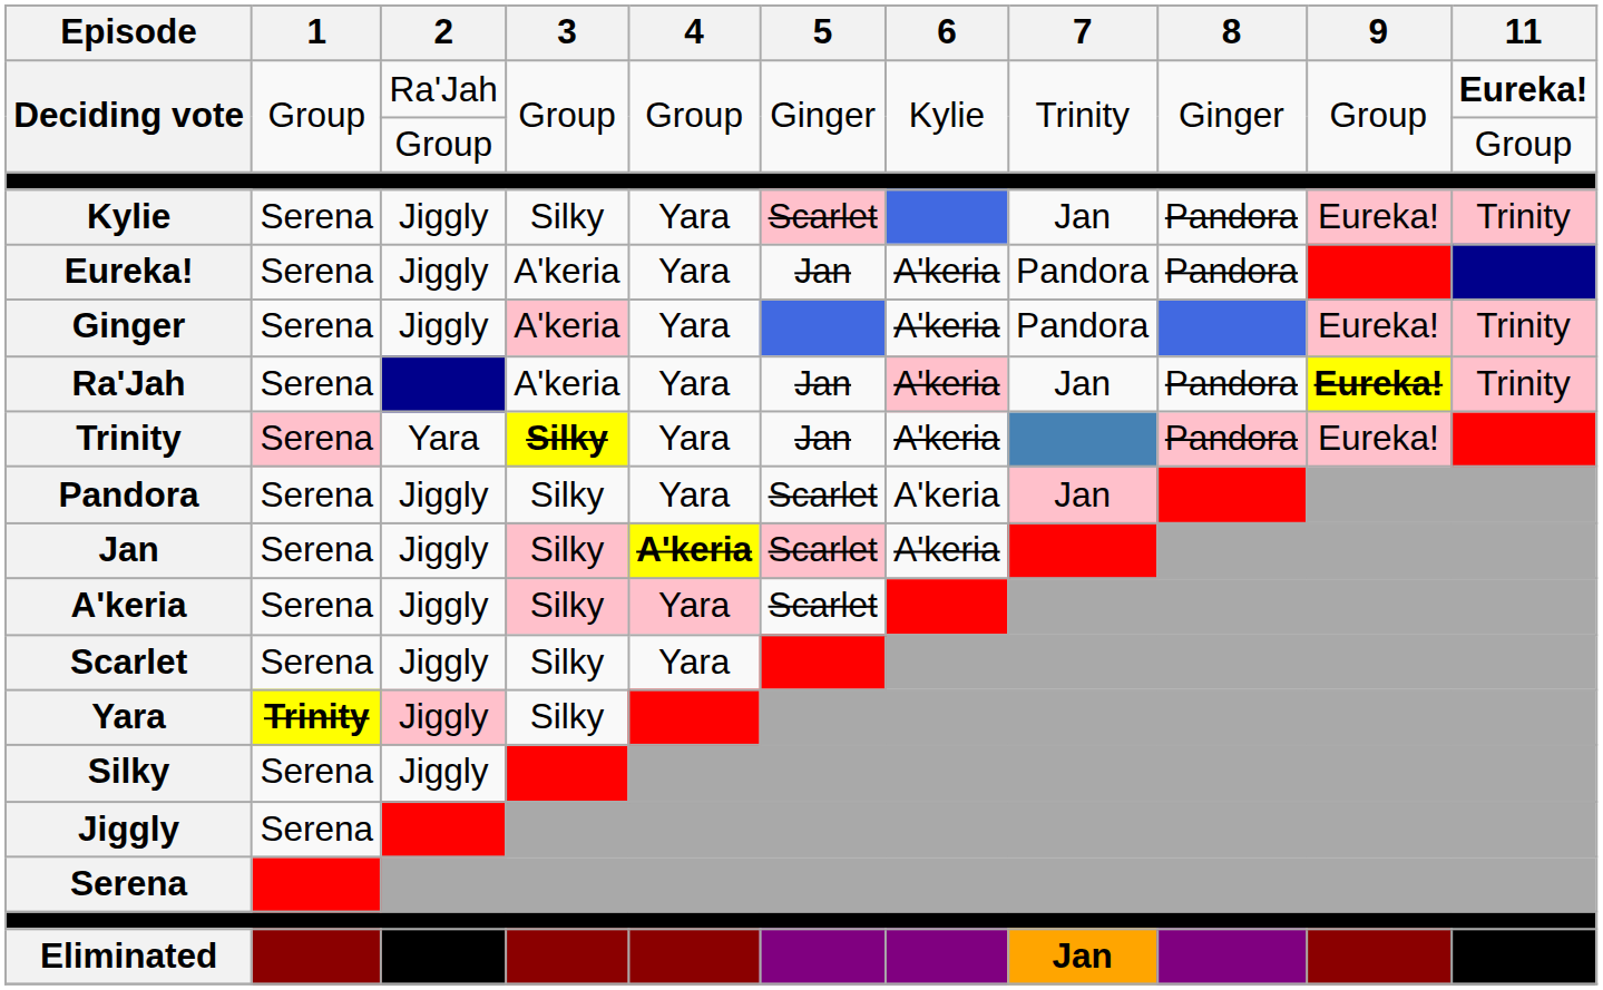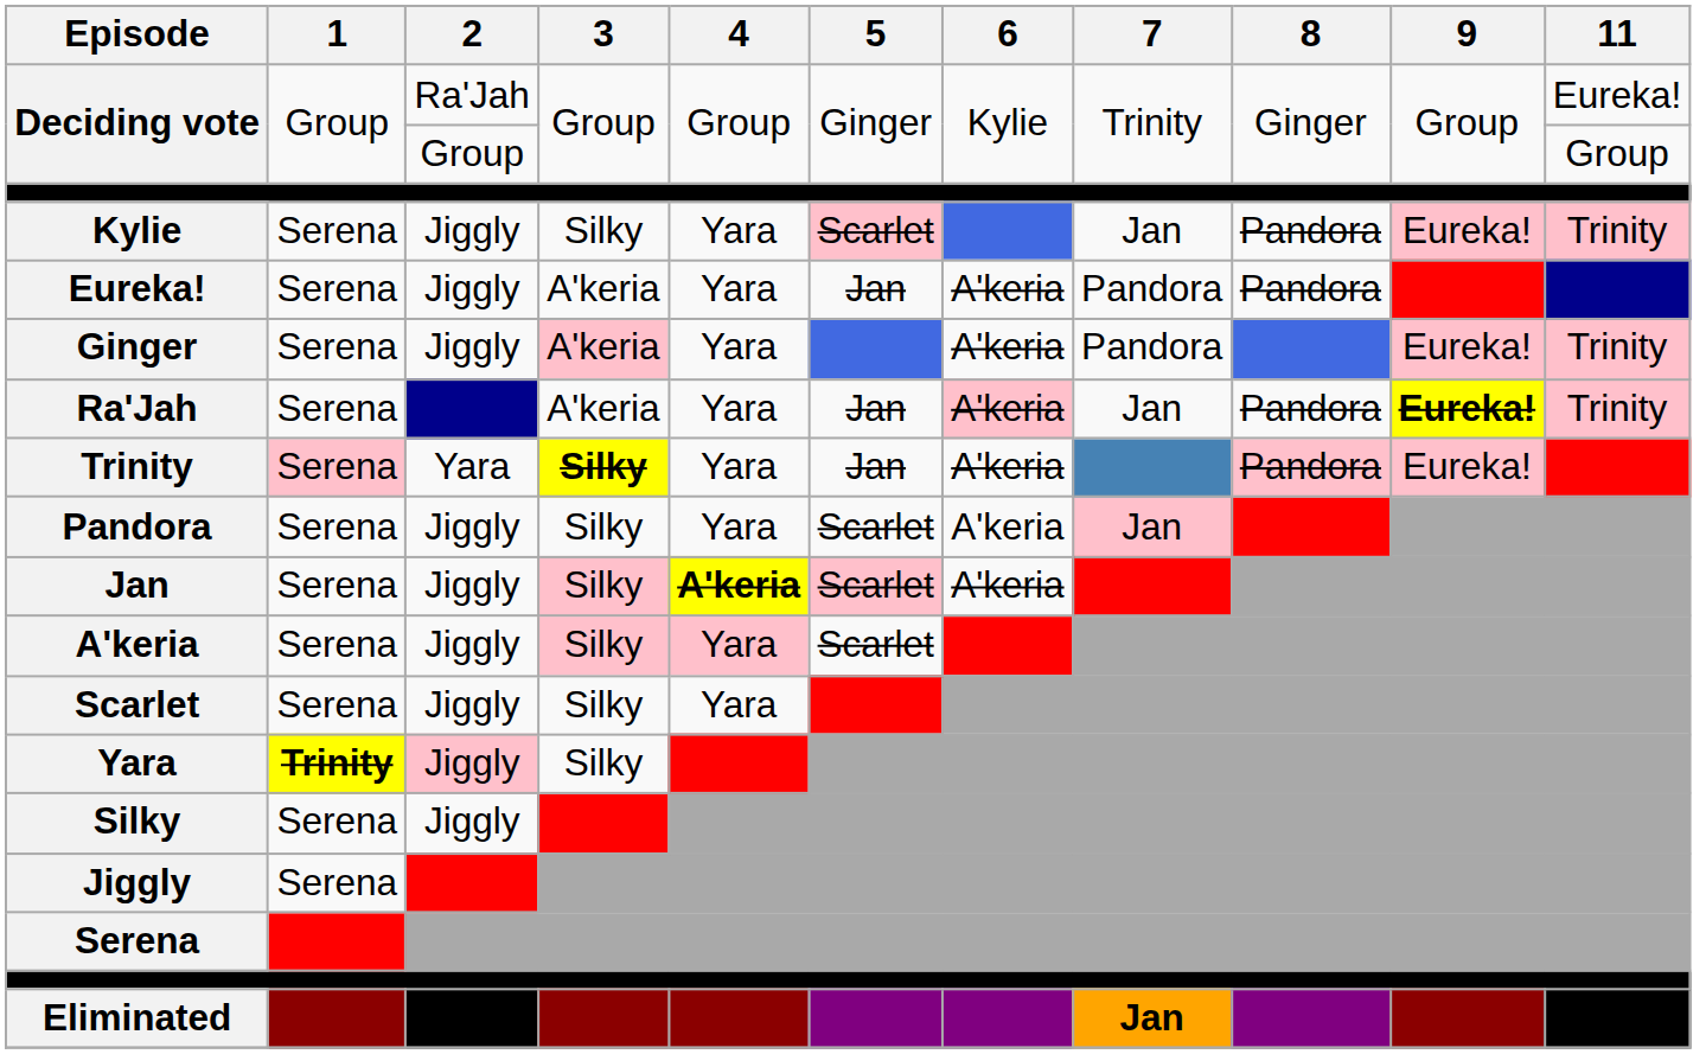 <table class="wikitable" style="text-align:center">
 <tr>
 <th scope="col">Episode</th>
 <th scope="col">1</th>
 <th scope="col">2</th>
 <th scope="col">3</th>
 <th scope="col">4</th>
 <th scope="col">5</th>
 <th scope="col">6</th>
 <th scope="col">7</th>
 <th scope="col">8</th>
 <th scope="col">9</th>
 <th scope="col">11</th>
 </tr>
 <tr>
 <th rowspan="2" scope="row" nowrap>Deciding vote</th>
 <td rowspan="2">Group</td>
 <td>Ra'Jah</td>
 <td rowspan="2">Group</td>
 <td rowspan="2">Group</td>
 <td rowspan="2">Ginger</td>
 <td rowspan="2">Kylie</td>
 <td rowspan="2">Trinity</td>
 <td rowspan="2">Ginger</td>
 <td rowspan="2">Group</td>
-<td><strong>Eureka!</strong></td>
+<td>Eureka!</td>
 </tr>
 <tr>
 <td nowrap>Group</td>
 <td nowrap>Group</td>
 </tr>
 <tr>
 <td colspan="11" bgcolor="black"></td>
 </tr>
 <tr>
 <th scope="row">Kylie</th>
 <td>Serena</td>
 <td>Jiggly</td>
 <td>Silky</td>
 <td>Yara</td>
 <td bgcolor="pink"><s>Scarlet</s></td>
 <td bgcolor="royalblue"></td>
 <td>Jan</td>
 <td><s>Pandora</s></td>
 <td bgcolor="pink">Eureka!</td>
 <td bgcolor="pink">Trinity</td>
 </tr>
 <tr>
 <th scope="row">Eureka!</th>
 <td>Serena</td>
 <td>Jiggly</td>
 <td>A'keria</td>
 <td>Yara</td>
 <td><s>Jan</s></td>
 <td><s>A'keria</s></td>
 <td>Pandora</td>
 <td><s>Pandora</s></td>
 <td bgcolor="red"></td>
 <td bgcolor="darkblue"></td>
 </tr>
 <tr>
 <th scope="row">Ginger</th>
 <td>Serena</td>
 <td>Jiggly</td>
 <td bgcolor="pink">A'keria</td>
 <td>Yara</td>
 <td bgcolor="royalblue"></td>
 <td><s>A'keria</s></td>
 <td>Pandora</td>
 <td bgcolor="royalblue"></td>
 <td bgcolor="pink">Eureka!</td>
 <td bgcolor="pink">Trinity</td>
 </tr>
 <tr>
 <th scope="row">Ra'Jah</th>
 <td>Serena</td>
 <td bgcolor="darkblue"></td>
 <td>A'keria</td>
 <td>Yara</td>
 <td><s>Jan</s></td>
 <td bgcolor="pink"><s>A'keria</s></td>
 <td>Jan</td>
 <td><s>Pandora</s></td>
 <td bgcolor="yellow"><strong><s>Eureka!</s></strong></td>
 <td bgcolor="pink">Trinity</td>
 </tr>
 <tr>
 <th scope="row">Trinity</th>
 <td bgcolor="pink">Serena</td>
 <td>Yara</td>
 <td bgcolor="yellow"><strong><s>Silky</s></strong></td>
 <td>Yara</td>
 <td><s>Jan</s></td>
 <td><s>A'keria</s></td>
 <td bgcolor="steelblue"></td>
 <td bgcolor="pink"><s>Pandora</s></td>
 <td bgcolor="pink">Eureka!</td>
 <td bgcolor="red"></td>
 </tr>
 <tr>
 <th scope="row">Pandora</th>
 <td>Serena</td>
 <td>Jiggly</td>
 <td>Silky</td>
 <td>Yara</td>
 <td><s>Scarlet</s></td>
 <td>A'keria</td>
 <td bgcolor="pink">Jan</td>
 <td bgcolor="red"></td>
 <td bgcolor="darkgray" colspan="3"></td>
 </tr>
 <tr>
 <th scope="row">Jan</th>
 <td>Serena</td>
 <td>Jiggly</td>
 <td bgcolor="pink">Silky</td>
 <td bgcolor="yellow"><strong><s>A'keria</s></strong></td>
 <td bgcolor="pink"><s>Scarlet</s></td>
 <td><s>A'keria</s></td>
 <td bgcolor="red"></td>
 <td bgcolor="darkgray" colspan="4"></td>
 </tr>
 <tr>
 <th scope="row">A'keria</th>
 <td>Serena</td>
 <td>Jiggly</td>
 <td bgcolor="pink">Silky</td>
 <td bgcolor="pink">Yara</td>
 <td><s>Scarlet</s></td>
 <td bgcolor="red"></td>
 <td bgcolor="darkgray" colspan="5"></td>
 </tr>
 <tr>
 <th scope="row">Scarlet</th>
 <td>Serena</td>
 <td>Jiggly</td>
 <td>Silky</td>
 <td>Yara</td>
 <td bgcolor="red"></td>
 <td bgcolor="darkgray" colspan="6"></td>
 </tr>
 <tr>
 <th scope="row">Yara</th>
 <td bgcolor="yellow"><strong><s>Trinity</s></strong></td>
 <td bgcolor="pink">Jiggly</td>
 <td>Silky</td>
 <td bgcolor="red"></td>
 <td bgcolor="darkgray" colspan="7"></td>
 </tr>
 <tr>
 <th scope="row">Silky</th>
 <td>Serena</td>
 <td>Jiggly</td>
 <td bgcolor="red"></td>
 <td bgcolor="darkgray" colspan="8"></td>
 </tr>
 <tr>
 <th scope="row">Jiggly</th>
 <td>Serena</td>
 <td bgcolor="red"></td>
 <td bgcolor="darkgray" colspan="9"></td>
 </tr>
 <tr>
 <th scope="row">Serena</th>
 <td bgcolor="red"></td>
 <td bgcolor="darkgray" colspan="10"></td>
 </tr>
 <tr>
 <td colspan="11" style="background:black;"></td>
 </tr>
 <tr>
 <th scope="row">Eliminated</th>
 <td bgcolor="darkred"><strong></strong></td>
 <td bgcolor="black"><strong></strong></td>
 <td bgcolor="darkred"><strong></strong></td>
 <td bgcolor="darkred"><strong></strong></td>
 <td bgcolor="purple"><strong></strong></td>
 <td bgcolor="purple"><strong></strong></td>
 <td bgcolor="orange"><strong>Jan</strong></td>
 <td bgcolor="purple"><strong></strong></td>
 <td bgcolor="darkred"><strong></strong></td>
 <td bgcolor="black"><strong></strong></td>
 </tr>
 <tr>
 </tr>
 </table>
